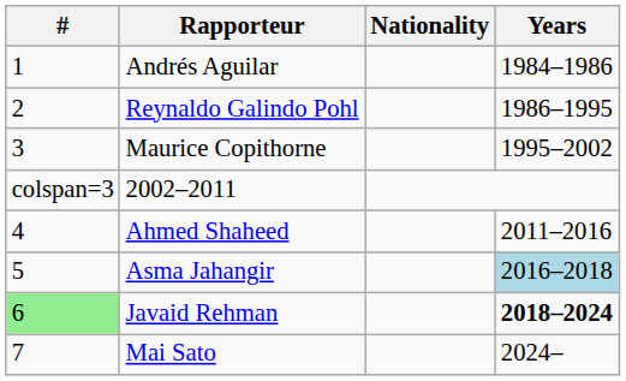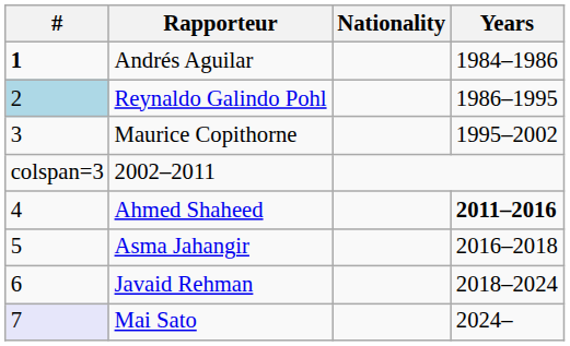 <table class="wikitable" style="font-size: 85%;">
 <tr>
 <th>#</th>
 <th>Rapporteur</th>
 <th>Nationality</th>
 <th>Years</th>
 </tr>
 <tr>
-<td>1</td>
+<td><strong>1</strong></td>
 <td>Andrés Aguilar</td>
 <td></td>
 <td>1984–1986</td>
 </tr>
 <tr>
-<td>2</td>
+<td style="background: lightblue;">2</td>
 <td><a href='#'>Reynaldo Galindo Pohl</a></td>
 <td></td>
 <td>1986–1995</td>
 </tr>
 <tr>
 <td>3</td>
 <td>Maurice Copithorne</td>
 <td></td>
 <td>1995–2002</td>
 </tr>
 <tr>
 <td>colspan=3 </td>
 <td>2002–2011</td>
 </tr>
 <tr>
 <td>4</td>
 <td><a href='#'>Ahmed Shaheed</a></td>
 <td></td>
-<td>2011–2016</td>
+<td><strong>2011–2016</strong></td>
 </tr>
 <tr>
 <td>5</td>
 <td><a href='#'>Asma Jahangir</a></td>
 <td></td>
-<td style="background: lightblue;">2016–2018</td>
+<td>2016–2018</td>
 </tr>
 <tr>
-<td style="background: lightgreen;">6</td>
+<td>6</td>
 <td><a href='#'>Javaid Rehman</a></td>
 <td></td>
-<td><strong>2018–2024</strong></td>
+<td>2018–2024</td>
 </tr>
 <tr>
-<td>7</td>
+<td style="background: lavender;">7</td>
 <td><a href='#'>Mai Sato</a></td>
 <td></td>
 <td>2024–</td>
 </tr>
 </table>
